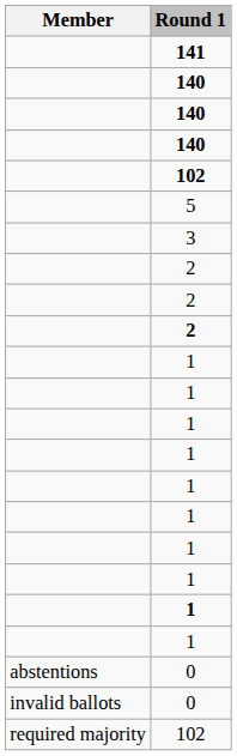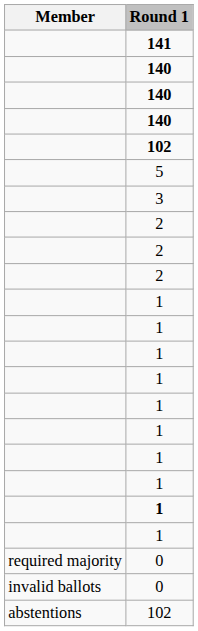 <table class="wikitable collapsible">
 <tr>
 <th>Member</th>
 <td style="background:silver;"><strong>Round 1</strong></td>
 </tr>
 <tr>
 <td></td>
 <td style="text-align:center;"><strong>141</strong></td>
 </tr>
 <tr>
 <td></td>
 <td style="text-align:center;"><strong>140</strong></td>
 </tr>
 <tr>
 <td></td>
 <td style="text-align:center;"><strong>140</strong></td>
 </tr>
 <tr>
 <td></td>
 <td style="text-align:center;"><strong>140</strong></td>
 </tr>
 <tr>
 <td></td>
 <td style="text-align:center;"><strong>102</strong></td>
 </tr>
 <tr>
 <td></td>
 <td style="text-align:center;">5</td>
 </tr>
 <tr>
 <td></td>
 <td style="text-align:center;">3</td>
 </tr>
 <tr>
 <td></td>
 <td style="text-align:center;">2</td>
 </tr>
 <tr>
 <td></td>
 <td style="text-align:center;">2</td>
 </tr>
 <tr>
 <td></td>
-<td style="text-align:center;"><strong>2</strong></td>
+<td style="text-align:center;">2</td>
 </tr>
 <tr>
 <td></td>
 <td style="text-align:center;">1</td>
 </tr>
 <tr>
 <td></td>
 <td style="text-align:center;">1</td>
 </tr>
 <tr>
 <td></td>
 <td style="text-align:center;">1</td>
 </tr>
 <tr>
 <td></td>
 <td style="text-align:center;">1</td>
 </tr>
 <tr>
 <td></td>
 <td style="text-align:center;">1</td>
 </tr>
 <tr>
 <td></td>
 <td style="text-align:center;">1</td>
 </tr>
 <tr>
 <td></td>
 <td style="text-align:center;">1</td>
 </tr>
 <tr>
 <td></td>
 <td style="text-align:center;">1</td>
 </tr>
 <tr>
 <td></td>
 <td style="text-align:center;"><strong>1</strong></td>
 </tr>
 <tr>
 <td></td>
 <td style="text-align:center;">1</td>
 </tr>
 <tr>
-<td>abstentions</td>
+<td>required majority</td>
 <td style="text-align:center;">0</td>
 </tr>
 <tr>
 <td>invalid ballots</td>
 <td style="text-align:center;">0</td>
 </tr>
 <tr>
-<td>required majority</td>
+<td>abstentions</td>
 <td style="text-align:center;">102</td>
 </tr>
 </table>
